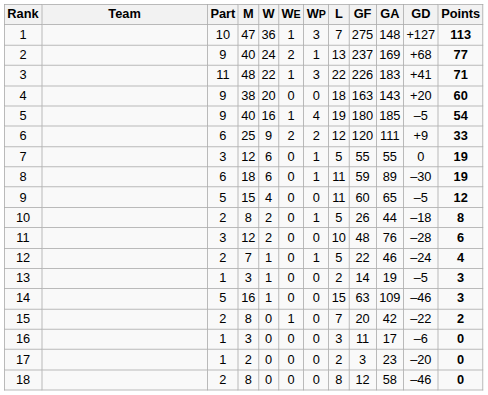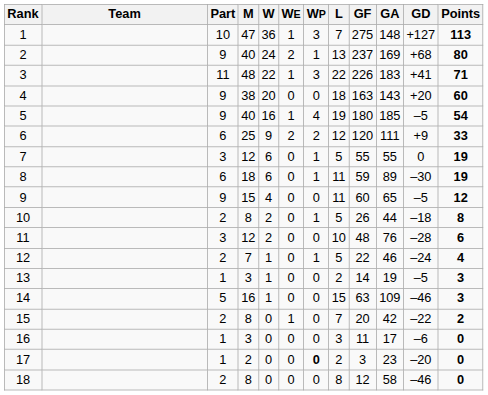 <table class="wikitable sortable" style="text-align:center">
 <tr>
 <th>Rank</th>
 <th width=200>Team</th>
 <th>Part</th>
 <th>M</th>
 <th>W</th>
 <th>W<small>E</small></th>
 <th>W<small>P</small></th>
 <th>L</th>
 <th>GF</th>
 <th>GA</th>
 <th>GD</th>
 <th>Points</th>
 </tr>
 <tr>
 <td>1</td>
 <td align=left></td>
 <td>10</td>
 <td>47</td>
 <td>36</td>
 <td>1</td>
 <td>3</td>
 <td>7</td>
 <td>275</td>
 <td>148</td>
 <td>+127</td>
 <td><strong>113</strong></td>
 </tr>
 <tr>
 <td>2</td>
 <td align=left></td>
 <td>9</td>
 <td>40</td>
 <td>24</td>
 <td>2</td>
 <td>1</td>
 <td>13</td>
 <td>237</td>
 <td>169</td>
 <td>+68</td>
-<td><strong>77</strong></td>
+<td><strong>80</strong></td>
 </tr>
 <tr>
 <td>3</td>
 <td align=left></td>
 <td>11</td>
 <td>48</td>
 <td>22</td>
 <td>1</td>
 <td>3</td>
 <td>22</td>
 <td>226</td>
 <td>183</td>
 <td>+41</td>
 <td><strong>71</strong></td>
 </tr>
 <tr>
 <td>4</td>
 <td align=left></td>
 <td>9</td>
 <td>38</td>
 <td>20</td>
 <td>0</td>
 <td>0</td>
 <td>18</td>
 <td>163</td>
 <td>143</td>
 <td>+20</td>
 <td><strong>60</strong></td>
 </tr>
 <tr>
 <td>5</td>
 <td align=left></td>
 <td>9</td>
 <td>40</td>
 <td>16</td>
 <td>1</td>
 <td>4</td>
 <td>19</td>
 <td>180</td>
 <td>185</td>
 <td>–5</td>
 <td><strong>54</strong></td>
 </tr>
 <tr>
 <td>6</td>
 <td align=left></td>
 <td>6</td>
 <td>25</td>
 <td>9</td>
 <td>2</td>
 <td>2</td>
 <td>12</td>
 <td>120</td>
 <td>111</td>
 <td>+9</td>
 <td><strong>33</strong></td>
 </tr>
 <tr>
 <td>7</td>
 <td align=left></td>
 <td>3</td>
 <td>12</td>
 <td>6</td>
 <td>0</td>
 <td>1</td>
 <td>5</td>
 <td>55</td>
 <td>55</td>
 <td>0</td>
 <td><strong>19</strong></td>
 </tr>
 <tr>
 <td>8</td>
 <td align=left></td>
 <td>6</td>
 <td>18</td>
 <td>6</td>
 <td>0</td>
 <td>1</td>
 <td>11</td>
 <td>59</td>
 <td>89</td>
 <td>–30</td>
 <td><strong>19</strong></td>
 </tr>
 <tr>
 <td>9</td>
 <td align=left></td>
-<td>5</td>
+<td>9</td>
 <td>15</td>
 <td>4</td>
 <td>0</td>
 <td>0</td>
 <td>11</td>
 <td>60</td>
 <td>65</td>
 <td>–5</td>
 <td><strong>12</strong></td>
 </tr>
 <tr>
 <td>10</td>
 <td align=left></td>
 <td>2</td>
 <td>8</td>
 <td>2</td>
 <td>0</td>
 <td>1</td>
 <td>5</td>
 <td>26</td>
 <td>44</td>
 <td>–18</td>
 <td><strong>8</strong></td>
 </tr>
 <tr>
 <td>11</td>
 <td align=left></td>
 <td>3</td>
 <td>12</td>
 <td>2</td>
 <td>0</td>
 <td>0</td>
 <td>10</td>
 <td>48</td>
 <td>76</td>
 <td>–28</td>
 <td><strong>6</strong></td>
 </tr>
 <tr>
 <td>12</td>
 <td align=left></td>
 <td>2</td>
 <td>7</td>
 <td>1</td>
 <td>0</td>
 <td>1</td>
 <td>5</td>
 <td>22</td>
 <td>46</td>
 <td>–24</td>
 <td><strong>4</strong></td>
 </tr>
 <tr>
 <td>13</td>
 <td align=left></td>
 <td>1</td>
 <td>3</td>
 <td>1</td>
 <td>0</td>
 <td>0</td>
 <td>2</td>
 <td>14</td>
 <td>19</td>
 <td>–5</td>
 <td><strong>3</strong></td>
 </tr>
 <tr>
 <td>14</td>
 <td align=left></td>
 <td>5</td>
 <td>16</td>
 <td>1</td>
 <td>0</td>
 <td>0</td>
 <td>15</td>
 <td>63</td>
 <td>109</td>
 <td>–46</td>
 <td><strong>3</strong></td>
 </tr>
 <tr>
 <td>15</td>
 <td align=left></td>
 <td>2</td>
 <td>8</td>
 <td>0</td>
 <td>1</td>
 <td>0</td>
 <td>7</td>
 <td>20</td>
 <td>42</td>
 <td>–22</td>
 <td><strong>2</strong></td>
 </tr>
 <tr>
 <td>16</td>
 <td align=left></td>
 <td>1</td>
 <td>3</td>
 <td>0</td>
 <td>0</td>
 <td>0</td>
 <td>3</td>
 <td>11</td>
 <td>17</td>
 <td>–6</td>
 <td><strong>0</strong></td>
 </tr>
 <tr>
 <td>17</td>
 <td align=left></td>
 <td>1</td>
 <td>2</td>
 <td>0</td>
 <td>0</td>
-<td>0</td>
+<td><strong>0</strong></td>
 <td>2</td>
 <td>3</td>
 <td>23</td>
 <td>–20</td>
 <td><strong>0</strong></td>
 </tr>
 <tr>
 <td>18</td>
 <td align=left></td>
 <td>2</td>
 <td>8</td>
 <td>0</td>
 <td>0</td>
 <td>0</td>
 <td>8</td>
 <td>12</td>
 <td>58</td>
 <td>–46</td>
 <td><strong>0</strong></td>
 </tr>
 </table>
